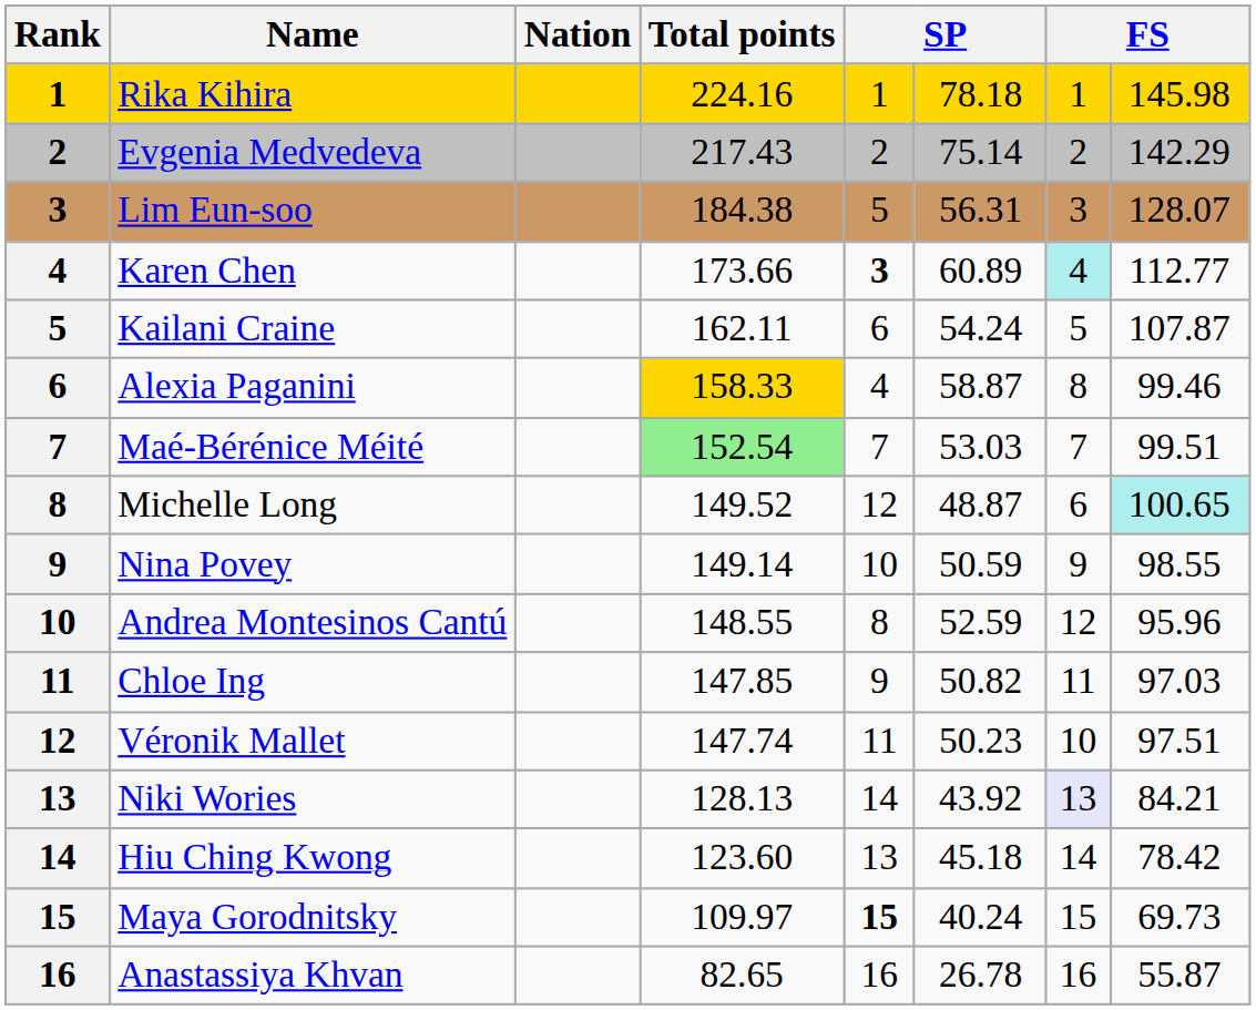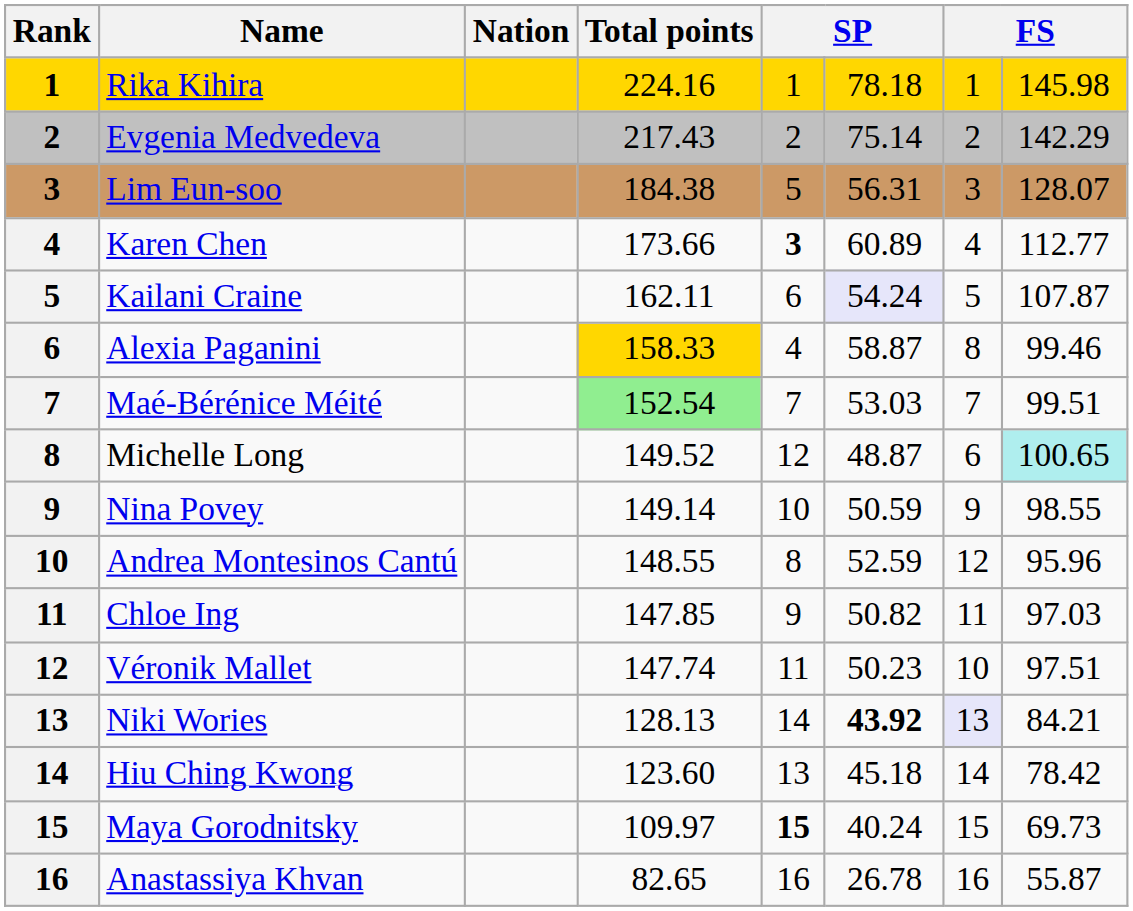 <table class="wikitable sortable">
 <tr>
 <th>Rank</th>
 <th>Name</th>
 <th>Nation</th>
 <th>Total points</th>
 <th colspan="2" width="80px"><a href='#'>SP</a></th>
 <th colspan="2" width="80px"><a href='#'>FS</a></th>
 </tr>
 <tr bgcolor="gold">
 <td align="center"><strong>1</strong></td>
 <td><a href='#'>Rika Kihira</a></td>
 <td></td>
 <td align="center">224.16</td>
 <td align="center">1</td>
 <td align="center">78.18</td>
 <td align="center">1</td>
 <td align="center">145.98</td>
 </tr>
 <tr bgcolor="silver">
 <td align="center"><strong>2</strong></td>
 <td><a href='#'>Evgenia Medvedeva</a></td>
 <td></td>
 <td align="center">217.43</td>
 <td align="center">2</td>
 <td align="center">75.14</td>
 <td align="center">2</td>
 <td align="center">142.29</td>
 </tr>
 <tr bgcolor="cc9966">
 <td align="center"><strong>3</strong></td>
 <td><a href='#'>Lim Eun-soo</a></td>
 <td></td>
 <td align="center">184.38</td>
 <td align="center">5</td>
 <td align="center">56.31</td>
 <td align="center">3</td>
 <td align="center">128.07</td>
 </tr>
 <tr>
 <th>4</th>
 <td><a href='#'>Karen Chen</a></td>
 <td></td>
 <td align="center">173.66</td>
 <td align="center"><strong>3</strong></td>
 <td align="center">60.89</td>
-<td align="center" style="background: paleturquoise;">4</td>
+<td align="center">4</td>
 <td align="center">112.77</td>
 </tr>
 <tr>
 <th>5</th>
 <td><a href='#'>Kailani Craine</a></td>
 <td></td>
 <td align="center">162.11</td>
 <td align="center">6</td>
-<td align="center">54.24</td>
+<td align="center" style="background: lavender;">54.24</td>
 <td align="center">5</td>
 <td align="center">107.87</td>
 </tr>
 <tr>
 <th>6</th>
 <td><a href='#'>Alexia Paganini</a></td>
 <td></td>
 <td align="center" style="background: gold;">158.33</td>
 <td align="center">4</td>
 <td align="center">58.87</td>
 <td align="center">8</td>
 <td align="center">99.46</td>
 </tr>
 <tr>
 <th>7</th>
 <td><a href='#'>Maé-Bérénice Méité</a></td>
 <td></td>
 <td align="center" style="background: lightgreen;">152.54</td>
 <td align="center">7</td>
 <td align="center">53.03</td>
 <td align="center">7</td>
 <td align="center">99.51</td>
 </tr>
 <tr>
 <th>8</th>
 <td>Michelle Long</td>
 <td></td>
 <td align="center">149.52</td>
 <td align="center">12</td>
 <td align="center">48.87</td>
 <td align="center">6</td>
 <td align="center" style="background: paleturquoise;">100.65</td>
 </tr>
 <tr>
 <th>9</th>
 <td><a href='#'>Nina Povey</a></td>
 <td></td>
 <td align="center">149.14</td>
 <td align="center">10</td>
 <td align="center">50.59</td>
 <td align="center">9</td>
 <td align="center">98.55</td>
 </tr>
 <tr>
 <th>10</th>
 <td><a href='#'>Andrea Montesinos Cantú</a></td>
 <td></td>
 <td align="center">148.55</td>
 <td align="center">8</td>
 <td align="center">52.59</td>
 <td align="center">12</td>
 <td align="center">95.96</td>
 </tr>
 <tr>
 <th>11</th>
 <td><a href='#'>Chloe Ing</a></td>
 <td></td>
 <td align="center">147.85</td>
 <td align="center">9</td>
 <td align="center">50.82</td>
 <td align="center">11</td>
 <td align="center">97.03</td>
 </tr>
 <tr>
 <th>12</th>
 <td><a href='#'>Véronik Mallet</a></td>
 <td></td>
 <td align="center">147.74</td>
 <td align="center">11</td>
 <td align="center">50.23</td>
 <td align="center">10</td>
 <td align="center">97.51</td>
 </tr>
 <tr>
 <th>13</th>
 <td><a href='#'>Niki Wories</a></td>
 <td></td>
 <td align="center">128.13</td>
 <td align="center">14</td>
-<td align="center">43.92</td>
+<td align="center"><strong>43.92</strong></td>
 <td align="center" style="background: lavender;">13</td>
 <td align="center">84.21</td>
 </tr>
 <tr>
 <th>14</th>
 <td><a href='#'>Hiu Ching Kwong</a></td>
 <td></td>
 <td align="center">123.60</td>
 <td align="center">13</td>
 <td align="center">45.18</td>
 <td align="center">14</td>
 <td align="center">78.42</td>
 </tr>
 <tr>
 <th>15</th>
 <td><a href='#'>Maya Gorodnitsky</a></td>
 <td></td>
 <td align="center">109.97</td>
 <td align="center"><strong>15</strong></td>
 <td align="center">40.24</td>
 <td align="center">15</td>
 <td align="center">69.73</td>
 </tr>
 <tr>
 <th>16</th>
 <td><a href='#'>Anastassiya Khvan</a></td>
 <td></td>
 <td align="center">82.65</td>
 <td align="center">16</td>
 <td align="center">26.78</td>
 <td align="center">16</td>
 <td align="center">55.87</td>
 </tr>
 </table>
